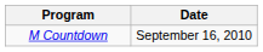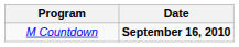 <table class="wikitable" style="text-align:center;">
 <tr>
 <th style="width:150px;">Program</th>
 <th style="width:150px;">Date</th>
 </tr>
 <tr>
 <td><em><a href='#'>M Countdown</a></em></td>
-<td align="center">September 16, 2010</td>
+<td align="center"><strong>September 16, 2010</strong></td>
 </tr>
 </table>
